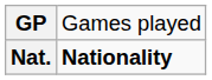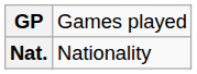 <table class="wikitable" style="font-size:90%;">
 <tr>
 <th scope=row>GP</th>
 <td>Games played</td>
 </tr>
 <tr>
 <th scope=row>Nat.</th>
-<td><strong>Nationality</strong></td>
+<td>Nationality</td>
 </tr>
 </table>
